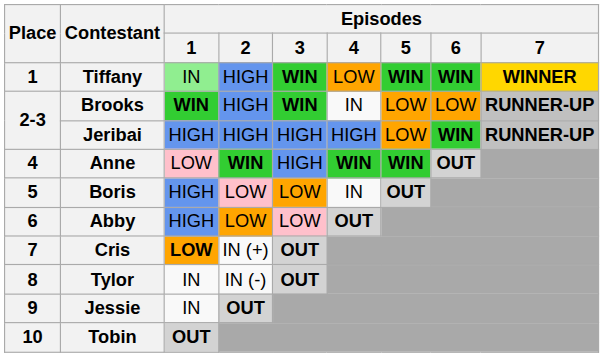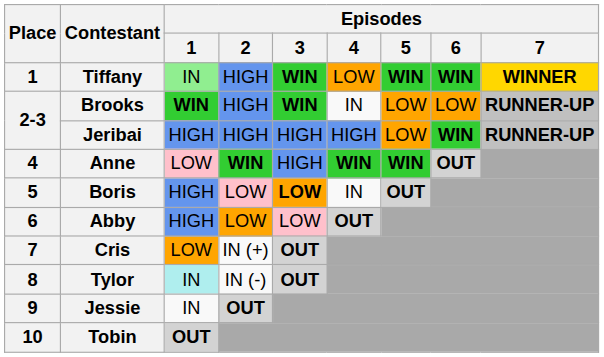 <table class="wikitable" style="text-align:center">
 <tr>
 <th rowspan="2">Place</th>
 <th rowspan="2">Contestant</th>
 <th colspan="7">Episodes</th>
 </tr>
 <tr>
 <th>1</th>
 <th>2</th>
 <th>3</th>
 <th>4</th>
 <th>5</th>
 <th>6</th>
 <th>7</th>
 </tr>
 <tr>
 <th>1</th>
 <th>Tiffany</th>
 <td style="background: lightgreen;">IN</td>
 <td bgcolor="cornflowerblue">HIGH</td>
 <td bgcolor="limegreen"><strong>WIN</strong></td>
 <td bgcolor="orange">LOW</td>
 <td bgcolor="limegreen"><strong>WIN</strong></td>
 <td bgcolor="limegreen"><strong>WIN</strong></td>
 <td bgcolor="gold"><strong>WINNER</strong></td>
 </tr>
 <tr>
 <th rowspan="2">2-3</th>
 <th>Brooks</th>
 <td bgcolor="limegreen"><strong>WIN</strong></td>
 <td bgcolor="cornflowerblue">HIGH</td>
 <td bgcolor="limegreen"><strong>WIN</strong></td>
 <td>IN</td>
 <td bgcolor="orange">LOW</td>
 <td bgcolor="orange">LOW</td>
 <td bgcolor="silver"><strong>RUNNER-UP</strong></td>
 </tr>
 <tr>
 <th>Jeribai</th>
 <td bgcolor="cornflowerblue">HIGH</td>
 <td bgcolor="cornflowerblue">HIGH</td>
 <td bgcolor="cornflowerblue">HIGH</td>
 <td bgcolor="cornflowerblue">HIGH</td>
 <td bgcolor="orange">LOW</td>
 <td bgcolor="limegreen"><strong>WIN</strong></td>
 <td bgcolor="silver"><strong>RUNNER-UP</strong></td>
 </tr>
 <tr>
 <th>4</th>
 <th>Anne</th>
 <td bgcolor="pink">LOW</td>
 <td bgcolor="limegreen"><strong>WIN</strong></td>
 <td bgcolor="cornflowerblue">HIGH</td>
 <td bgcolor="limegreen"><strong>WIN</strong></td>
 <td bgcolor="limegreen"><strong>WIN</strong></td>
 <td bgcolor="lightgrey"><strong>OUT</strong></td>
 <td colspan=1 bgcolor="darkgrey"></td>
 </tr>
 <tr>
 <th>5</th>
 <th>Boris</th>
 <td bgcolor="cornflowerblue">HIGH</td>
 <td bgcolor="pink">LOW</td>
-<td bgcolor="orange">LOW</td>
+<td bgcolor="orange"><strong>LOW</strong></td>
 <td>IN</td>
 <td bgcolor="lightgrey"><strong>OUT</strong></td>
 <td colspan=2 bgcolor="darkgrey"></td>
 </tr>
 <tr>
 <th>6</th>
 <th>Abby</th>
 <td bgcolor="cornflowerblue">HIGH</td>
 <td bgcolor="orange">LOW</td>
 <td bgcolor="pink">LOW</td>
 <td bgcolor="lightgrey"><strong>OUT</strong></td>
 <td colspan=3 bgcolor="darkgrey"></td>
 </tr>
 <tr>
 <th>7</th>
 <th>Cris</th>
-<td bgcolor="orange"><strong>LOW</strong></td>
+<td bgcolor="orange">LOW</td>
 <td>IN (+)</td>
 <td bgcolor="lightgrey"><strong>OUT</strong></td>
 <td colspan=4 bgcolor="darkgrey"></td>
 </tr>
 <tr>
 <th>8</th>
 <th>Tylor</th>
-<td>IN</td>
+<td style="background: paleturquoise;">IN</td>
 <td>IN (-)</td>
 <td bgcolor="lightgrey"><strong>OUT</strong></td>
 <td colspan=4 bgcolor="darkgrey"></td>
 </tr>
 <tr>
 <th>9</th>
 <th>Jessie</th>
 <td>IN</td>
 <td bgcolor="lightgrey"><strong>OUT</strong></td>
 <td colspan=5 bgcolor="darkgrey"></td>
 </tr>
 <tr>
 <th>10</th>
 <th>Tobin</th>
 <td bgcolor="lightgrey"><strong>OUT</strong></td>
 <td colspan=6 bgcolor="darkgrey"></td>
 </tr>
 </table>
